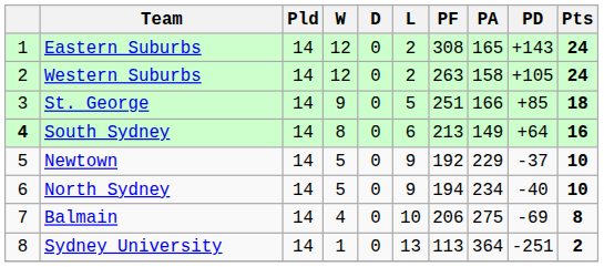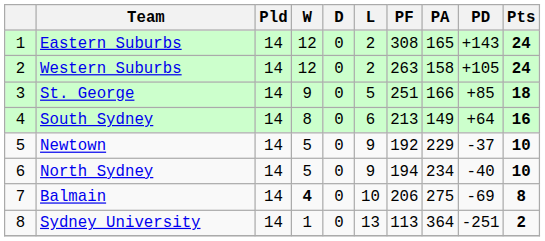 <table class="wikitable" style="text-align:center;">
 <tr>
 <th width=20 abbr="Position"></th>
 <th width=175>Team</th>
 <th width=20 abbr="Played">Pld</th>
 <th width=20 abbr="Won">W</th>
 <th width=20 abbr="Drawn">D</th>
 <th width=20 abbr="Lost">L</th>
 <th width=20 abbr="Points for">PF</th>
 <th width=20 abbr="Points against">PA</th>
 <th width=20 abbr="Points difference">PD</th>
 <th width=20 abbr="Points">Pts</th>
 </tr>
 <tr style="background: #ccffcc;">
 <td>1</td>
 <td style="text-align:left;"> <a href='#'>Eastern Suburbs</a></td>
 <td>14</td>
 <td>12</td>
 <td>0</td>
 <td>2</td>
 <td>308</td>
 <td>165</td>
 <td>+143</td>
 <td><strong>24</strong></td>
 </tr>
 <tr style="background: #ccffcc;">
 <td>2</td>
 <td style="text-align:left;"> <a href='#'>Western Suburbs</a></td>
 <td>14</td>
 <td>12</td>
 <td>0</td>
 <td>2</td>
 <td>263</td>
 <td>158</td>
 <td>+105</td>
 <td><strong>24</strong></td>
 </tr>
 <tr style="background: #ccffcc;">
 <td>3</td>
 <td style="text-align:left;"> <a href='#'>St. George</a></td>
 <td>14</td>
 <td>9</td>
 <td>0</td>
 <td>5</td>
 <td>251</td>
 <td>166</td>
 <td>+85</td>
 <td><strong>18</strong></td>
 </tr>
 <tr style="background: #ccffcc;">
-<td><strong>4</strong></td>
+<td>4</td>
 <td style="text-align:left;"> <a href='#'>South Sydney</a></td>
 <td>14</td>
 <td>8</td>
 <td>0</td>
 <td>6</td>
 <td>213</td>
 <td>149</td>
 <td>+64</td>
 <td><strong>16</strong></td>
 </tr>
 <tr>
 <td>5</td>
 <td style="text-align:left;"> <a href='#'>Newtown</a></td>
 <td>14</td>
 <td>5</td>
 <td>0</td>
 <td>9</td>
 <td>192</td>
 <td>229</td>
 <td>-37</td>
 <td><strong>10</strong></td>
 </tr>
 <tr>
 <td>6</td>
 <td style="text-align:left;"> <a href='#'>North Sydney</a></td>
 <td>14</td>
 <td>5</td>
 <td>0</td>
 <td>9</td>
 <td>194</td>
 <td>234</td>
 <td>-40</td>
 <td><strong>10</strong></td>
 </tr>
 <tr>
 <td>7</td>
 <td style="text-align:left;"> <a href='#'>Balmain</a></td>
 <td>14</td>
-<td>4</td>
+<td><strong>4</strong></td>
 <td>0</td>
 <td>10</td>
 <td>206</td>
 <td>275</td>
 <td>-69</td>
 <td><strong>8</strong></td>
 </tr>
 <tr>
 <td>8</td>
 <td style="text-align:left;"> <a href='#'>Sydney University</a></td>
 <td>14</td>
 <td>1</td>
 <td>0</td>
 <td>13</td>
 <td>113</td>
 <td>364</td>
 <td>-251</td>
 <td><strong>2</strong></td>
 </tr>
 <tr>
 </tr>
 </table>
